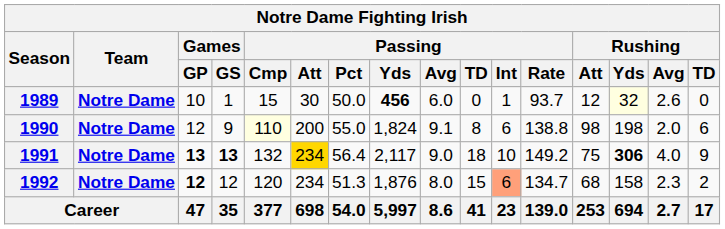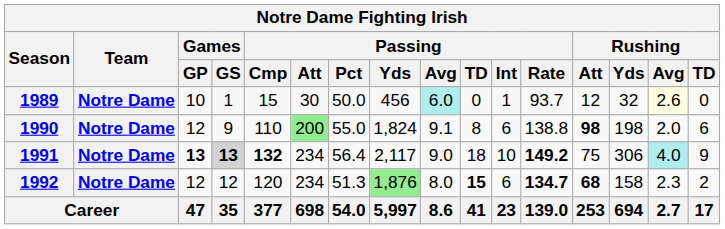 <table class="wikitable" style="text-align:center;">
 <tr>
 <th colspan="17">Notre Dame Fighting Irish</th>
 </tr>
 <tr>
 <th rowspan="2">Season</th>
 <th rowspan="2">Team</th>
 <th colspan="2">Games</th>
 <th colspan="8">Passing</th>
 <th colspan="4">Rushing</th>
 </tr>
 <tr>
 <th>GP</th>
 <th>GS</th>
 <th>Cmp</th>
 <th>Att</th>
 <th>Pct</th>
 <th>Yds</th>
 <th>Avg</th>
 <th>TD</th>
 <th>Int</th>
 <th>Rate</th>
 <th>Att</th>
 <th>Yds</th>
 <th>Avg</th>
 <th>TD</th>
 </tr>
 <tr>
 <th><a href='#'>1989</a></th>
 <th><a href='#'>Notre Dame</a></th>
 <td>10</td>
 <td>1</td>
 <td>15</td>
 <td>30</td>
 <td>50.0</td>
-<td><strong>456</strong></td>
-<td>6.0</td>
+<td>456</td>
+<td style="background: paleturquoise;">6.0</td>
 <td>0</td>
 <td>1</td>
 <td>93.7</td>
 <td>12</td>
-<td style="background: lightyellow;">32</td>
-<td>2.6</td>
+<td>32</td>
+<td style="background: lightyellow;">2.6</td>
 <td>0</td>
 </tr>
 <tr>
 <th><a href='#'>1990</a></th>
 <th><a href='#'>Notre Dame</a></th>
 <td>12</td>
 <td>9</td>
-<td style="background: lightyellow;">110</td>
-<td>200</td>
+<td>110</td>
+<td style="background: lightgreen;">200</td>
 <td>55.0</td>
 <td>1,824</td>
 <td>9.1</td>
 <td>8</td>
 <td>6</td>
 <td>138.8</td>
-<td>98</td>
+<td><strong>98</strong></td>
 <td>198</td>
 <td>2.0</td>
 <td>6</td>
 </tr>
 <tr>
 <th><a href='#'>1991</a></th>
 <th><a href='#'>Notre Dame</a></th>
 <td><strong>13</strong></td>
-<td><strong>13</strong></td>
-<td>132</td>
-<td style="background: gold;">234</td>
+<td style="background: lightgrey;"><strong>13</strong></td>
+<td><strong>132</strong></td>
+<td>234</td>
 <td>56.4</td>
 <td>2,117</td>
 <td>9.0</td>
 <td>18</td>
 <td>10</td>
-<td>149.2</td>
+<td><strong>149.2</strong></td>
 <td>75</td>
-<td><strong>306</strong></td>
-<td>4.0</td>
+<td>306</td>
+<td style="background: paleturquoise;">4.0</td>
 <td>9</td>
 </tr>
 <tr>
 <th><a href='#'>1992</a></th>
 <th><a href='#'>Notre Dame</a></th>
-<td><strong>12</strong></td>
+<td>12</td>
 <td>12</td>
 <td>120</td>
 <td>234</td>
 <td>51.3</td>
-<td>1,876</td>
+<td style="background: lightgreen;">1,876</td>
 <td>8.0</td>
-<td>15</td>
-<td style="background: lightsalmon;">6</td>
-<td>134.7</td>
-<td>68</td>
+<td><strong>15</strong></td>
+<td>6</td>
+<td><strong>134.7</strong></td>
+<td><strong>68</strong></td>
 <td>158</td>
 <td>2.3</td>
 <td>2</td>
 </tr>
 <tr>
 <th colspan="2">Career</th>
 <th>47</th>
 <th>35</th>
 <th>377</th>
 <th>698</th>
 <th>54.0</th>
 <th>5,997</th>
 <th>8.6</th>
 <th>41</th>
 <th>23</th>
 <th>139.0</th>
 <th>253</th>
 <th>694</th>
 <th>2.7</th>
 <th>17</th>
 </tr>
 </table>
